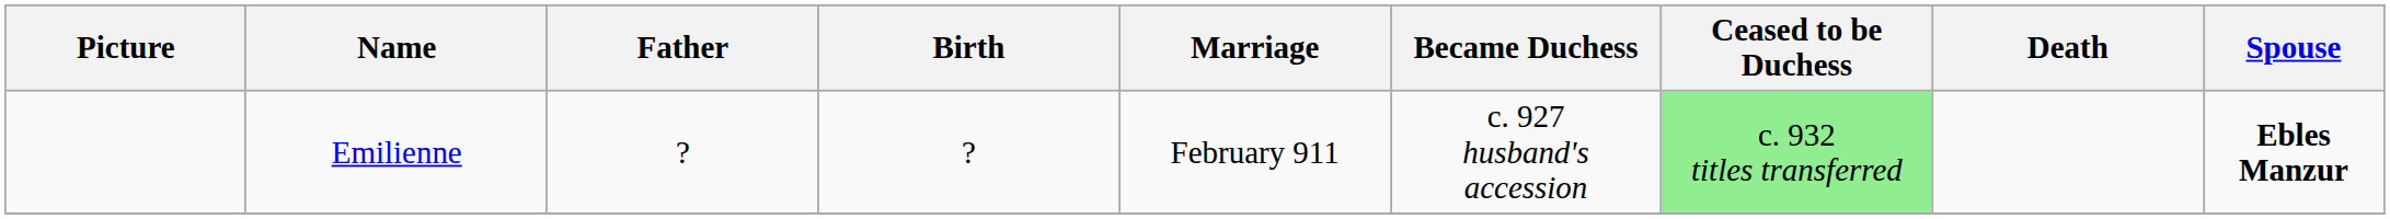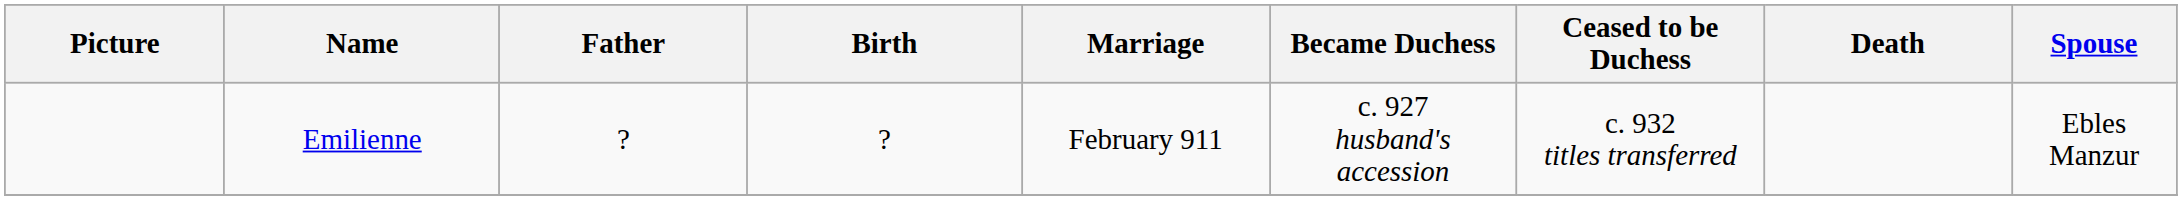 <table width=95% class="wikitable">
 <tr>
 <th width = "8%">Picture</th>
 <th width = "10%">Name</th>
 <th width = "9%">Father</th>
 <th width = "10%">Birth</th>
 <th width = "9%">Marriage</th>
 <th width = "9%">Became Duchess</th>
 <th width = "9%">Ceased to be Duchess</th>
 <th width = "9%">Death</th>
 <th width = "6%"><a href='#'>Spouse</a></th>
 </tr>
 <tr>
 <td align="center"></td>
 <td align="center"><a href='#'>Emilienne</a></td>
 <td align="center">?</td>
 <td align="center">?</td>
 <td align="center">February 911</td>
 <td align="center">c. 927<br><em>husband's accession</em></td>
-<td align="center" style="background: lightgreen;">c. 932<br><em>titles transferred</em></td>
+<td align="center">c. 932<br><em>titles transferred</em></td>
 <td align="center"></td>
-<td align="center"><strong>Ebles Manzur</strong></td>
+<td align="center">Ebles Manzur</td>
 </tr>
 <tr>
 </tr>
 </table>
